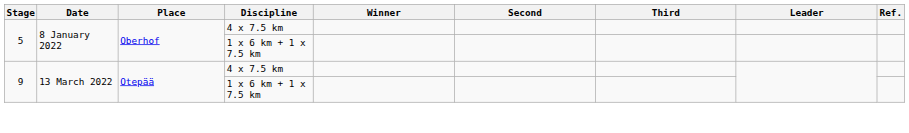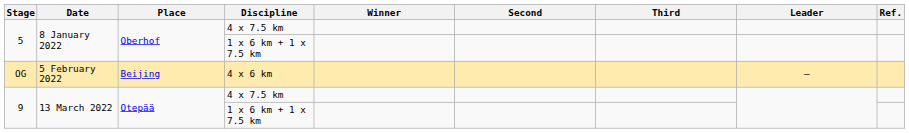 <table class="wikitable">
 <tr>
 <th width="10">Stage</th>
 <th width="110">Date</th>
 <th width="148">Place</th>
 <th width="120">Discipline</th>
 <th width="200">Winner</th>
 <th width="200">Second</th>
 <th width="200">Third</th>
 <th width="200">Leader <br> </th>
 <th width="8">Ref.</th>
 </tr>
 <tr>
 <td rowspan="2" align=center>5</td>
 <td rowspan="2">8 January 2022</td>
 <td rowspan="2"> <a href='#'>Oberhof</a></td>
 <td>4 x 7.5 km</td>
 <td></td>
 <td></td>
 <td></td>
 <td></td>
 <td></td>
 </tr>
 <tr>
 <td>1 x 6 km + 1 x 7.5 km <br></td>
 <td></td>
 <td></td>
 <td></td>
 <td></td>
 <td></td>
 </tr>
+<tr style="background:#FFEBAD">
+<td align=center>OG</td>
+<td>5 February 2022</td>
+<td> <a href='#'>Beijing</a></td>
+<td>4 x 6 km</td>
+<td></td>
+<td></td>
+<td></td>
+<td style="text-align:center">—</td>
+<td></td>
+</tr>
 <tr>
 <td rowspan="2" align=center>9</td>
 <td rowspan="2">13 March 2022</td>
 <td rowspan="2"> <a href='#'>Otepää</a></td>
 <td>4 x 7.5 km</td>
 <td></td>
 <td></td>
 <td></td>
 <td rowspan=2></td>
 <td></td>
 </tr>
 <tr>
 <td>1 x 6 km + 1 x 7.5 km <br></td>
 <td></td>
 <td></td>
 <td></td>
 <td></td>
 </tr>
 </table>
